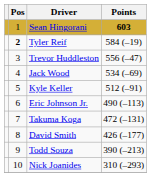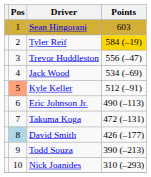 <table class="wikitable" style="font-size: 95%;">
 <tr>
 <th></th>
 <th>Pos</th>
 <th>Driver</th>
 <th>Points</th>
 </tr>
 <tr style="background:#D4AF37;">
 <td align="left"></td>
 <td style="text-align:center;">1</td>
 <td><a href='#'>Sean Hingorani</a></td>
-<td style="text-align:center;"><strong>603</strong></td>
+<td style="text-align:center;">603</td>
 </tr>
 <tr>
 <td align="left"></td>
-<td style="text-align:center;"><strong>2</strong></td>
+<td style="text-align:center;">2</td>
 <td><a href='#'>Tyler Reif</a></td>
-<td style="text-align:center;">584 (–19)</td>
+<td style="background: gold; text-align:center;">584 (–19)</td>
 </tr>
 <tr>
 <td align="left"></td>
 <td style="text-align:center;">3</td>
 <td><a href='#'>Trevor Huddleston</a></td>
 <td style="text-align:center;">556 (–47)</td>
 </tr>
 <tr>
 <td align="left"></td>
 <td style="text-align:center;">4</td>
 <td><a href='#'>Jack Wood</a></td>
 <td style="text-align:center;">534 (–69)</td>
 </tr>
 <tr>
 <td align="left"></td>
-<td style="text-align:center;">5</td>
+<td style="background: lightsalmon; text-align:center;">5</td>
 <td><a href='#'>Kyle Keller</a></td>
 <td style="text-align:center;">512 (–91)</td>
 </tr>
 <tr>
 <td align="left"></td>
 <td style="text-align:center;">6</td>
 <td><a href='#'>Eric Johnson Jr.</a></td>
 <td style="text-align:center;">490 (–113)</td>
 </tr>
 <tr>
 <td align="left"></td>
 <td style="text-align:center;">7</td>
 <td><a href='#'>Takuma Koga</a></td>
 <td style="text-align:center;">472 (–131)</td>
 </tr>
 <tr>
 <td align="left"></td>
-<td style="text-align:center;">8</td>
+<td style="background: lightblue; text-align:center;">8</td>
 <td><a href='#'>David Smith</a></td>
 <td style="text-align:center;">426 (–177)</td>
 </tr>
 <tr>
 <td align="left"></td>
 <td style="text-align:center;">9</td>
 <td><a href='#'>Todd Souza</a></td>
 <td style="text-align:center;">390 (–213)</td>
 </tr>
 <tr>
 <td align="left"></td>
 <td style="text-align:center;">10</td>
 <td><a href='#'>Nick Joanides</a></td>
 <td style="text-align:center;">310 (–293)</td>
 </tr>
 <tr class="sortbottom">
 </tr>
 </table>
